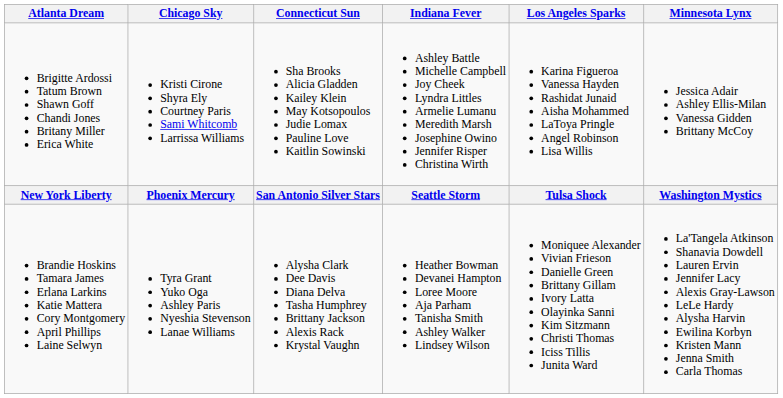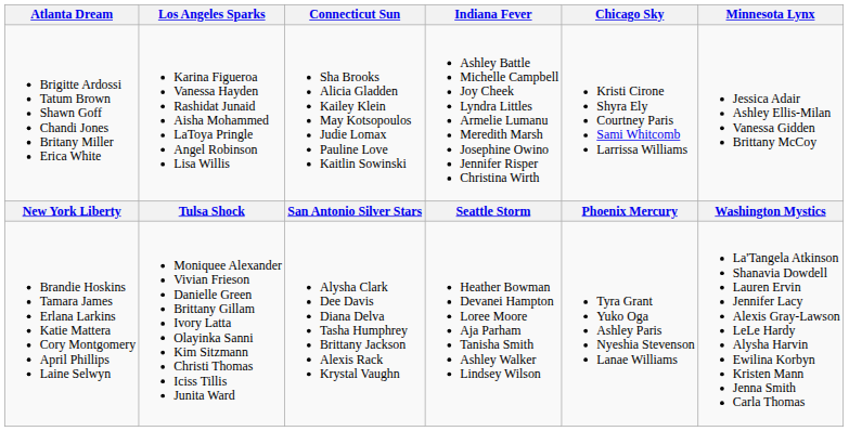 <table class="wikitable">
 <tr>
 <th><a href='#'>Atlanta Dream</a></th>
-<th><a href='#'>Chicago Sky</a></th>
+<th><a href='#'>Los Angeles Sparks</a></th>
 <th><a href='#'>Connecticut Sun</a></th>
 <th><a href='#'>Indiana Fever</a></th>
-<th><a href='#'>Los Angeles Sparks</a></th>
+<th><a href='#'>Chicago Sky</a></th>
 <th><a href='#'>Minnesota Lynx</a></th>
 </tr>
 <tr>
 <td><br><ul><li>Brigitte Ardossi</li><li>Tatum Brown</li><li>Shawn Goff</li><li>Chandi Jones</li><li>Britany Miller</li><li>Erica White</li></ul></td>
-<td><br><ul><li>Kristi Cirone</li><li>Shyra Ely</li><li>Courtney Paris</li><li><a href='#'>Sami Whitcomb</a></li><li>Larrissa Williams</li></ul></td>
+<td><br><ul><li>Karina Figueroa</li><li>Vanessa Hayden</li><li>Rashidat Junaid</li><li>Aisha Mohammed</li><li>LaToya Pringle</li><li>Angel Robinson</li><li>Lisa Willis</li></ul></td>
 <td><br><ul><li>Sha Brooks</li><li>Alicia Gladden</li><li>Kailey Klein</li><li>May Kotsopoulos</li><li>Judie Lomax</li><li>Pauline Love</li><li>Kaitlin Sowinski</li></ul></td>
 <td><br><ul><li>Ashley Battle</li><li>Michelle Campbell</li><li>Joy Cheek</li><li>Lyndra Littles</li><li>Armelie Lumanu</li><li>Meredith Marsh</li><li>Josephine Owino</li><li>Jennifer Risper</li><li>Christina Wirth</li></ul></td>
-<td><br><ul><li>Karina Figueroa</li><li>Vanessa Hayden</li><li>Rashidat Junaid</li><li>Aisha Mohammed</li><li>LaToya Pringle</li><li>Angel Robinson</li><li>Lisa Willis</li></ul></td>
+<td><br><ul><li>Kristi Cirone</li><li>Shyra Ely</li><li>Courtney Paris</li><li><a href='#'>Sami Whitcomb</a></li><li>Larrissa Williams</li></ul></td>
 <td><br><ul><li>Jessica Adair</li><li>Ashley Ellis-Milan</li><li>Vanessa Gidden</li><li>Brittany McCoy</li></ul></td>
 </tr>
 <tr>
 <th><a href='#'>New York Liberty</a></th>
-<th><a href='#'>Phoenix Mercury</a></th>
+<th><a href='#'>Tulsa Shock</a></th>
 <th><a href='#'>San Antonio Silver Stars</a></th>
 <th><a href='#'>Seattle Storm</a></th>
-<th><a href='#'>Tulsa Shock</a></th>
+<th><a href='#'>Phoenix Mercury</a></th>
 <th><a href='#'>Washington Mystics</a></th>
 </tr>
 <tr>
 <td><br><ul><li>Brandie Hoskins</li><li>Tamara James</li><li>Erlana Larkins</li><li>Katie Mattera</li><li>Cory Montgomery</li><li>April Phillips</li><li>Laine Selwyn</li></ul></td>
-<td><br><ul><li>Tyra Grant</li><li>Yuko Oga</li><li>Ashley Paris</li><li>Nyeshia Stevenson</li><li>Lanae Williams</li></ul></td>
+<td><br><ul><li>Moniquee Alexander</li><li>Vivian Frieson</li><li>Danielle Green</li><li>Brittany Gillam</li><li>Ivory Latta</li><li>Olayinka Sanni</li><li>Kim Sitzmann</li><li>Christi Thomas</li><li>Iciss Tillis</li><li>Junita Ward</li></ul></td>
 <td><br><ul><li>Alysha Clark</li><li>Dee Davis</li><li>Diana Delva</li><li>Tasha Humphrey</li><li>Brittany Jackson</li><li>Alexis Rack</li><li>Krystal Vaughn</li></ul></td>
 <td><br><ul><li>Heather Bowman</li><li>Devanei Hampton</li><li>Loree Moore</li><li>Aja Parham</li><li>Tanisha Smith</li><li>Ashley Walker</li><li>Lindsey Wilson</li></ul></td>
-<td><br><ul><li>Moniquee Alexander</li><li>Vivian Frieson</li><li>Danielle Green</li><li>Brittany Gillam</li><li>Ivory Latta</li><li>Olayinka Sanni</li><li>Kim Sitzmann</li><li>Christi Thomas</li><li>Iciss Tillis</li><li>Junita Ward</li></ul></td>
+<td><br><ul><li>Tyra Grant</li><li>Yuko Oga</li><li>Ashley Paris</li><li>Nyeshia Stevenson</li><li>Lanae Williams</li></ul></td>
 <td><br><ul><li>La'Tangela Atkinson</li><li>Shanavia Dowdell</li><li>Lauren Ervin</li><li>Jennifer Lacy</li><li>Alexis Gray-Lawson</li><li>LeLe Hardy</li><li>Alysha Harvin</li><li>Ewilina Korbyn</li><li>Kristen Mann</li><li>Jenna Smith</li><li>Carla Thomas</li></ul></td>
 </tr>
 </table>
